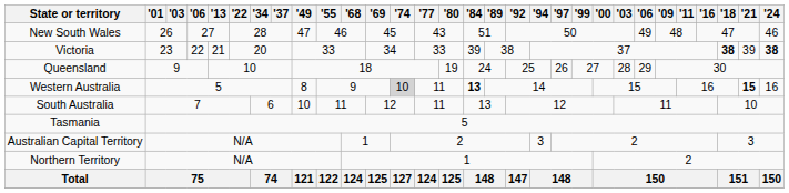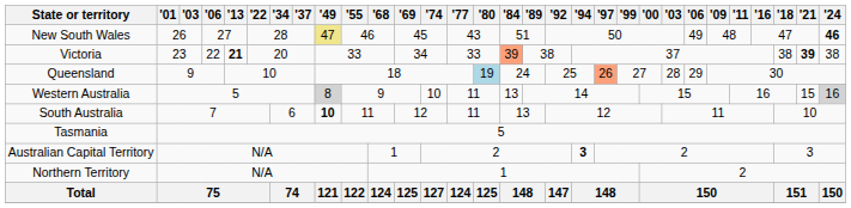 <table class="wikitable" style="text-align:center">
 <tr>
 <th>State or territory</th>
 <th>'01</th>
 <th>'03</th>
 <th>'06</th>
 <th>'13</th>
 <th>'22</th>
 <th>'34</th>
 <th>'37</th>
 <th>'49</th>
 <th>'55</th>
 <th>'68</th>
 <th>'69</th>
 <th>'74</th>
 <th>'77</th>
 <th>'80</th>
 <th>'84</th>
 <th>'89</th>
 <th>'92</th>
 <th>'94</th>
 <th>'97</th>
 <th>'99</th>
 <th>'00</th>
 <th>'03</th>
 <th>'06</th>
 <th>'09</th>
 <th>'11</th>
 <th>'16</th>
 <th>'18</th>
 <th>'21</th>
 <th>'24</th>
 </tr>
 <tr>
 <td>New South Wales</td>
 <td colspan = "2">26</td>
 <td colspan = "2">27</td>
 <td colspan = "3">28</td>
-<td>47</td>
+<td style="background: khaki;">47</td>
 <td colspan = "2">46</td>
 <td colspan = "2">45</td>
 <td colspan = "2">43</td>
 <td colspan = "2">51</td>
 <td colspan = "6">50</td>
 <td>49</td>
 <td colspan = "2">48</td>
 <td colspan = "3">47</td>
-<td>46</td>
+<td><strong>46</strong></td>
 </tr>
 <tr>
 <td>Victoria</td>
 <td colspan = "2">23</td>
 <td>22</td>
-<td>21</td>
+<td><strong>21</strong></td>
 <td colspan = "3">20</td>
 <td colspan = "3">33</td>
 <td colspan = "2">34</td>
 <td colspan = "2">33</td>
-<td>39</td>
+<td style="background: lightsalmon;">39</td>
 <td colspan = "2">38</td>
 <td colspan = "9">37</td>
-<td><strong>38</strong></td>
-<td>39</td>
-<td><strong>38</strong></td>
+<td>38</td>
+<td><strong>39</strong></td>
+<td>38</td>
 </tr>
 <tr>
 <td>Queensland</td>
 <td colspan = "3">9</td>
 <td colspan = "4">10</td>
 <td colspan = "6">18</td>
-<td>19</td>
+<td style="background: lightblue;">19</td>
 <td colspan = "2">24</td>
 <td colspan = "2">25</td>
-<td>26</td>
+<td style="background: lightsalmon;">26</td>
 <td colspan = "2">27</td>
 <td>28</td>
 <td>29</td>
 <td colspan = "6">30</td>
 </tr>
 <tr>
 <td>Western Australia</td>
 <td colspan = "7">5</td>
-<td>8</td>
+<td style="background: lightgrey;">8</td>
 <td colspan = "3">9</td>
-<td style="background: lightgrey;">10</td>
+<td>10</td>
 <td colspan = "2">11</td>
-<td><strong>13</strong></td>
+<td>13</td>
 <td colspan = "5">14</td>
 <td colspan = "4">15</td>
 <td colspan = "3">16</td>
-<td><strong>15</strong></td>
-<td>16</td>
+<td>15</td>
+<td style="background: lightgrey;">16</td>
 </tr>
 <tr>
 <td>South Australia</td>
 <td colspan = "5">7</td>
 <td colspan = "2">6</td>
-<td>10</td>
+<td><strong>10</strong></td>
 <td colspan = "2">11</td>
 <td colspan = "2">12</td>
 <td colspan = "2">11</td>
 <td colspan = "2">13</td>
 <td colspan = "5">12</td>
 <td colspan = "5">11</td>
 <td colspan = "3">10</td>
 </tr>
 <tr>
 <td>Tasmania</td>
 <td colspan = "29">5</td>
 </tr>
 <tr>
 <td>Australian Capital Territory</td>
 <td colspan = "9">N/A</td>
 <td colspan = "2">1</td>
 <td colspan = "6">2</td>
-<td>3</td>
+<td><strong>3</strong></td>
 <td colspan = "8">2</td>
 <td colspan = "3">3</td>
 </tr>
 <tr>
 <td>Northern Territory</td>
 <td colspan = "9">N/A</td>
 <td colspan = "11">1</td>
 <td colspan = "9">2</td>
 </tr>
 <tr>
 <th>Total</th>
 <th colspan = "5">75</th>
 <th colspan = "2">74</th>
 <th>121</th>
 <th>122</th>
 <th>124</th>
 <th>125</th>
 <th>127</th>
 <th>124</th>
 <th>125</th>
 <th colspan = "2">148</th>
 <th>147</th>
 <th colspan = "3">148</th>
 <th colspan = "6">150</th>
 <th colspan = "2">151</th>
 <th>150</th>
 </tr>
 <tr>
 </tr>
 </table>
